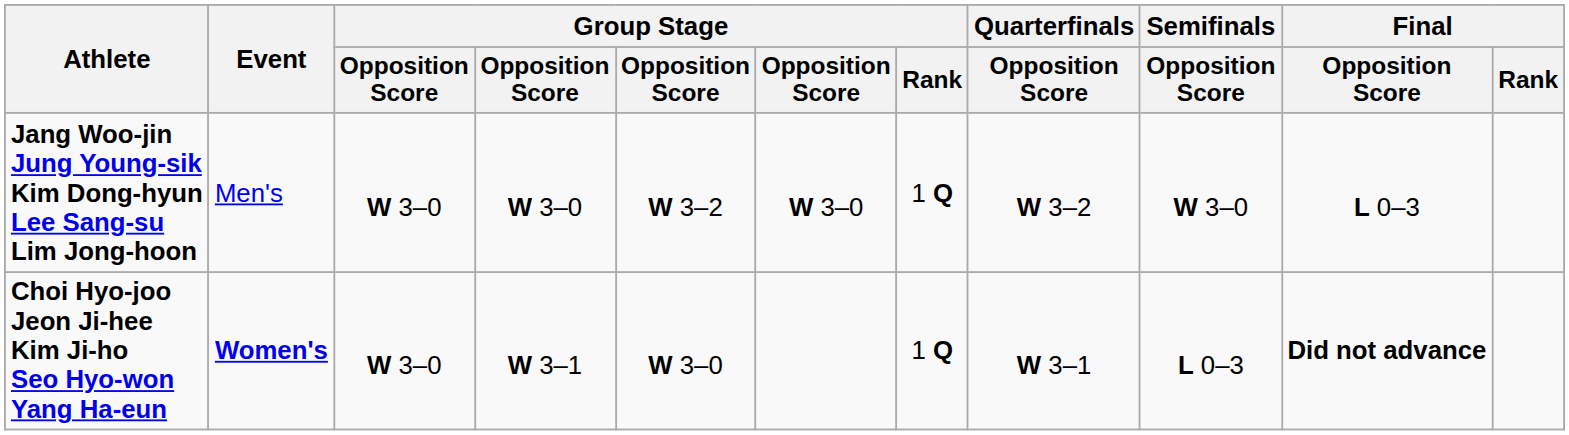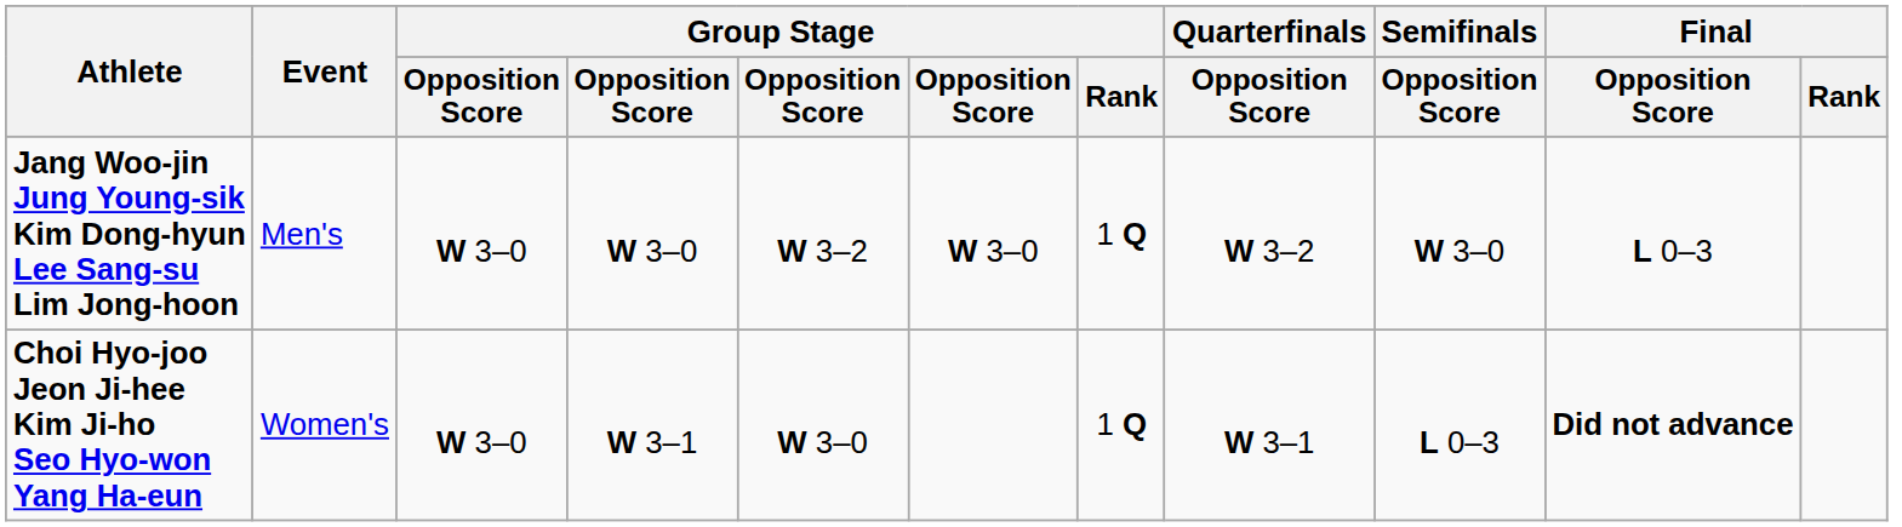 <table class=wikitable style=font-size:88%;text-align:center>
 <tr>
 <th rowspan="2">Athlete</th>
 <th rowspan="2">Event</th>
 <th colspan="5">Group Stage</th>
 <th>Quarterfinals</th>
 <th>Semifinals</th>
 <th colspan="2">Final</th>
 </tr>
 <tr style="font-size:95%">
 <th>Opposition<br>Score</th>
 <th>Opposition<br>Score</th>
 <th>Opposition<br>Score</th>
 <th>Opposition<br>Score</th>
 <th>Rank</th>
 <th>Opposition<br>Score</th>
 <th>Opposition<br>Score</th>
 <th>Opposition<br>Score</th>
 <th>Rank</th>
 </tr>
 <tr>
 <td align=left><strong>Jang Woo-jin<br><a href='#'>Jung Young-sik</a><br>Kim Dong-hyun<br><a href='#'>Lee Sang-su</a><br>Lim Jong-hoon</strong></td>
 <td align=left><a href='#'>Men's</a></td>
 <td><br><strong>W</strong> 3–0</td>
 <td><br><strong>W</strong> 3–0</td>
 <td><br><strong>W</strong> 3–2</td>
 <td><br><strong>W</strong> 3–0</td>
 <td>1 <strong>Q</strong></td>
 <td><br><strong>W</strong> 3–2</td>
 <td><br><strong>W</strong> 3–0</td>
 <td><br><strong>L</strong> 0–3</td>
 <td></td>
 </tr>
 <tr>
 <td align=left><strong>Choi Hyo-joo<br>Jeon Ji-hee<br>Kim Ji-ho<br><a href='#'>Seo Hyo-won</a><br><a href='#'>Yang Ha-eun</a></strong></td>
-<td align=left><strong><a href='#'>Women's</a></strong></td>
+<td align=left><a href='#'>Women's</a></td>
 <td><br><strong>W</strong> 3–0</td>
 <td><br><strong>W</strong> 3–1</td>
 <td><br><strong>W</strong> 3–0</td>
 <td></td>
 <td>1 <strong>Q</strong></td>
 <td><br><strong>W</strong> 3–1</td>
 <td><br><strong>L</strong> 0–3</td>
 <td><strong>Did not advance</strong></td>
 <td></td>
 </tr>
 </table>
